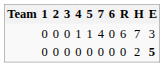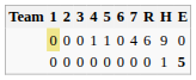 <table class="wikitable">
 <tr>
 <th style="border-style: none none none none;">Team</th>
 <th style="border-style: none none none none;">1</th>
 <th style="border-style: none none none none;">2</th>
 <th style="border-style: none none none none;">3</th>
 <th style="border-style: none none none none;">4</th>
 <th style="border-style: none none none none;">5</th>
+<th style="border-style: none none none none;">6</th>
 <th style="border-style: none none none none;">7</th>
-<th style="border-style: none none none none;">6</th>
 <th style="border-style: none none none none;">R</th>
 <th style="border-style: none none none none;">H</th>
 <th style="border-style: none none none none;">E</th>
 </tr>
 <tr>
 <td style="border-style: none none none none;"></td>
-<td style="border-style: none none none none;">0</td>
+<td style="background: khaki; border-style: none none none none;">0</td>
 <td style="border-style: none none none none;">0</td>
 <td style="border-style: none none none none;">0</td>
 <td style="border-style: none none none none;">1</td>
 <td style="border-style: none none none none;">1</td>
+<td style="border-style: none none none none;">0</td>
 <td style="border-style: none none none none;">4</td>
+<td style="border-style: none none none none;">6</td>
+<td style="border-style: none none none none;">9</td>
 <td style="border-style: none none none none;">0</td>
-<td style="border-style: none none none none;">6</td>
-<td style="border-style: none none none none;">7</td>
-<td style="border-style: none none none none;">3</td>
 </tr>
 <tr>
 <td style="border-style: none none none none;"></td>
 <td style="border-style: none none none none;">0</td>
 <td style="border-style: none none none none;">0</td>
 <td style="border-style: none none none none;">0</td>
 <td style="border-style: none none none none;">0</td>
 <td style="border-style: none none none none;">0</td>
 <td style="border-style: none none none none;">0</td>
 <td style="border-style: none none none none;">0</td>
 <td style="border-style: none none none none;">0</td>
-<td style="border-style: none none none none;">2</td>
+<td style="border-style: none none none none;">1</td>
 <td style="border-style: none none none none;"><strong>5</strong></td>
 </tr>
 </table>
